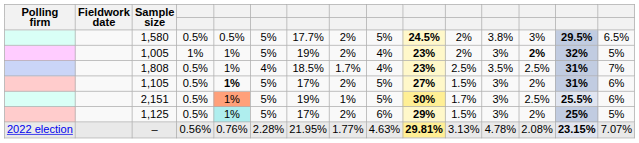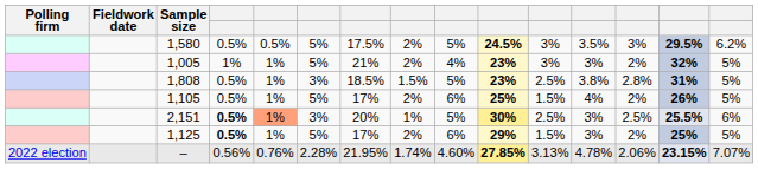 <table class="wikitable sortable" style="text-align:center;font-size:95%;line-height:14px;">
 <tr>
 <th rowspan="2">Polling<br>firm</th>
 <th rowspan="2">Fieldwork<br>date</th>
 <th rowspan="2">Sample<br>size</th>
 <th></th>
 <th></th>
 <th></th>
 <th></th>
 <th></th>
 <th></th>
 <th></th>
 <th></th>
 <th></th>
 <th></th>
 <th></th>
 <th></th>
 </tr>
 <tr>
 <th style="background:"></th>
 <th style="background:"></th>
 <th style="background:"></th>
 <th style="background:"></th>
 <th style="background:"></th>
 <th style="background:"></th>
 <th style="background:"></th>
 <th style="background:"></th>
 <th style="background:"></th>
 <th style="background:"></th>
 <th style="background:"></th>
 <th style="background:"></th>
 </tr>
 <tr>
 <td style="background:#d9fff6;"></td>
 <td></td>
 <td>1,580</td>
 <td>0.5%</td>
 <td>0.5%</td>
 <td>5%</td>
-<td>17.7%</td>
+<td>17.5%</td>
 <td>2%</td>
 <td>5%</td>
 <td style="background:#FFF8CA;"><strong>24.5%</strong></td>
-<td>2%</td>
-<td>3.8%</td>
+<td>3%</td>
+<td>3.5%</td>
 <td>3%</td>
 <td style="background:#C1CCE1;"><strong>29.5%</strong></td>
-<td>6.5%</td>
+<td>6.2%</td>
 </tr>
 <tr>
 <td style="background:#FFCCFF;"></td>
 <td></td>
 <td>1,005</td>
 <td>1%</td>
 <td>1%</td>
 <td>5%</td>
-<td>19%</td>
+<td>21%</td>
 <td>2%</td>
 <td>4%</td>
 <td style="background:#FFF8CA;"><strong>23%</strong></td>
+<td>3%</td>
+<td>3%</td>
 <td>2%</td>
-<td>3%</td>
-<td><strong>2%</strong></td>
 <td style="background:#C1CCE1;"><strong>32%</strong></td>
 <td>5%</td>
 </tr>
 <tr>
 <td style="background:#CAD5F7;"></td>
 <td></td>
 <td>1,808</td>
 <td>0.5%</td>
 <td>1%</td>
-<td>4%</td>
+<td>3%</td>
 <td>18.5%</td>
-<td>1.7%</td>
-<td>4%</td>
+<td>1.5%</td>
+<td>5%</td>
 <td style="background:#FFF8CA;"><strong>23%</strong></td>
 <td>2.5%</td>
-<td>3.5%</td>
-<td>2.5%</td>
+<td>3.8%</td>
+<td>2.8%</td>
 <td style="background:#C1CCE1;"><strong>31%</strong></td>
-<td>7%</td>
+<td>5%</td>
 </tr>
 <tr>
 <td style="background:#FFCCCC;"></td>
 <td></td>
 <td>1,105</td>
 <td>0.5%</td>
-<td><strong>1%</strong></td>
+<td>1%</td>
 <td>5%</td>
 <td>17%</td>
 <td>2%</td>
+<td>6%</td>
+<td style="background:#FFF8CA;"><strong>25%</strong></td>
+<td>1.5%</td>
+<td>4%</td>
+<td>2%</td>
+<td style="background:#C1CCE1;"><strong>26%</strong></td>
 <td>5%</td>
-<td style="background:#FFF8CA;"><strong>27%</strong></td>
-<td>1.5%</td>
-<td>3%</td>
-<td>2%</td>
-<td style="background:#C1CCE1;"><strong>31%</strong></td>
-<td>6%</td>
 </tr>
 <tr>
 <td style="background:#d9fff6;"></td>
 <td></td>
 <td>2,151</td>
-<td>0.5%</td>
+<td><strong>0.5%</strong></td>
 <td style="background: lightsalmon;">1%</td>
-<td>5%</td>
-<td>19%</td>
+<td>3%</td>
+<td>20%</td>
 <td>1%</td>
 <td>5%</td>
 <td style="background:#FFEF95;"><strong>30%</strong></td>
-<td>1.7%</td>
+<td>2.5%</td>
 <td>3%</td>
 <td>2.5%</td>
 <td style="background:#E0E5F0;"><strong>25.5%</strong></td>
 <td>6%</td>
 </tr>
 <tr>
 <td style="background:#FFCCCC;"></td>
 <td></td>
 <td>1,125</td>
-<td>0.5%</td>
-<td style="background: paleturquoise;">1%</td>
+<td><strong>0.5%</strong></td>
+<td>1%</td>
 <td>5%</td>
 <td>17%</td>
 <td>2%</td>
 <td>6%</td>
 <td style="background:#FFF8CA;"><strong>29%</strong></td>
 <td>1.5%</td>
 <td>3%</td>
 <td>2%</td>
 <td style="background:#C1CCE1;"><strong>25%</strong></td>
 <td>5%</td>
 </tr>
 <tr style="background:#E9E9E9;">
 <td><a href='#'>2022 election</a></td>
 <td></td>
 <td>–</td>
 <td>0.56%</td>
 <td>0.76%</td>
 <td>2.28%</td>
 <td>21.95%</td>
-<td>1.77%</td>
-<td>4.63%</td>
-<td style="background:#FFEF95;"><strong>29.81%</strong></td>
+<td>1.74%</td>
+<td>4.60%</td>
+<td style="background:#FFEF95;"><strong>27.85%</strong></td>
 <td>3.13%</td>
 <td>4.78%</td>
-<td>2.08%</td>
+<td>2.06%</td>
 <td style="background:#E0E5F0;"><strong>23.15%</strong></td>
 <td>7.07%</td>
 </tr>
 </table>
